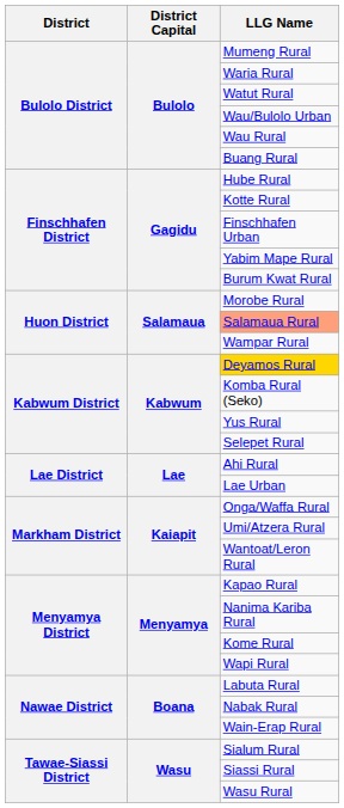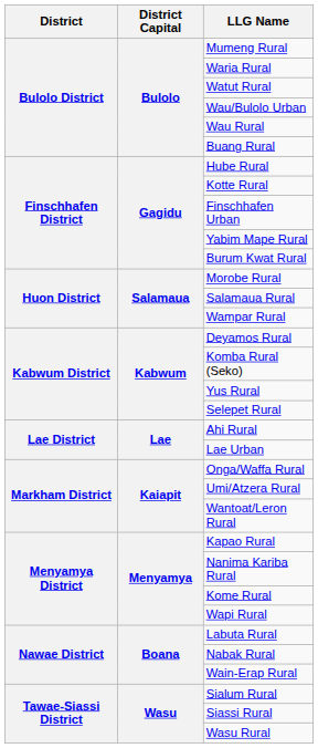 <table class="wikitable" style="text-align: left;" width="400">
 <tr>
 <th>District</th>
 <th>District Capital</th>
 <th>LLG Name</th>
 </tr>
 <tr>
 <th rowspan="6"><a href='#'>Bulolo District</a></th>
 <th rowspan="6"><a href='#'>Bulolo</a></th>
 <td><a href='#'>Mumeng Rural</a></td>
 </tr>
 <tr>
 <td><a href='#'>Waria Rural</a></td>
 </tr>
 <tr>
 <td><a href='#'>Watut Rural</a></td>
 </tr>
 <tr>
 <td><a href='#'>Wau/Bulolo Urban</a></td>
 </tr>
 <tr>
 <td><a href='#'>Wau Rural</a></td>
 </tr>
 <tr>
 <td><a href='#'>Buang Rural</a></td>
 </tr>
 <tr>
 <th rowspan="5"><a href='#'>Finschhafen District</a></th>
 <th rowspan="5"><a href='#'>Gagidu</a></th>
 <td><a href='#'>Hube Rural</a></td>
 </tr>
 <tr>
 <td><a href='#'>Kotte Rural</a></td>
 </tr>
 <tr>
 <td><a href='#'>Finschhafen Urban</a></td>
 </tr>
 <tr>
 <td><a href='#'>Yabim Mape Rural</a></td>
 </tr>
 <tr>
 <td><a href='#'>Burum Kwat Rural</a></td>
 </tr>
 <tr>
 <th rowspan="3"><a href='#'>Huon District</a></th>
 <th rowspan="3"><a href='#'>Salamaua</a></th>
 <td><a href='#'>Morobe Rural</a></td>
 </tr>
 <tr>
-<td style="background: lightsalmon;"><a href='#'>Salamaua Rural</a></td>
+<td><a href='#'>Salamaua Rural</a></td>
 </tr>
 <tr>
 <td><a href='#'>Wampar Rural</a></td>
 </tr>
 <tr>
 <th rowspan="4"><a href='#'>Kabwum District</a></th>
 <th rowspan="4"><a href='#'>Kabwum</a></th>
-<td style="background: gold;"><a href='#'>Deyamos Rural</a></td>
+<td><a href='#'>Deyamos Rural</a></td>
 </tr>
 <tr>
 <td><a href='#'>Komba Rural</a> (Seko)</td>
 </tr>
 <tr>
 <td><a href='#'>Yus Rural</a></td>
 </tr>
 <tr>
 <td><a href='#'>Selepet Rural</a></td>
 </tr>
 <tr>
 <th rowspan="2"><a href='#'>Lae District</a></th>
 <th rowspan="2"><a href='#'>Lae</a></th>
 <td><a href='#'>Ahi Rural</a></td>
 </tr>
 <tr>
 <td><a href='#'>Lae Urban</a></td>
 </tr>
 <tr>
 <th rowspan="3"><a href='#'>Markham District</a></th>
 <th rowspan="3"><a href='#'>Kaiapit</a></th>
 <td><a href='#'>Onga/Waffa Rural</a></td>
 </tr>
 <tr>
 <td><a href='#'>Umi/Atzera Rural</a></td>
 </tr>
 <tr>
 <td><a href='#'>Wantoat/Leron Rural</a></td>
 </tr>
 <tr>
 <th rowspan="4"><a href='#'>Menyamya District</a></th>
 <th rowspan="4"><a href='#'>Menyamya</a></th>
 <td><a href='#'>Kapao Rural</a></td>
 </tr>
 <tr>
 <td><a href='#'>Nanima Kariba Rural</a></td>
 </tr>
 <tr>
 <td><a href='#'>Kome Rural</a></td>
 </tr>
 <tr>
 <td><a href='#'>Wapi Rural</a></td>
 </tr>
 <tr>
 <th rowspan="3"><a href='#'>Nawae District</a></th>
 <th rowspan="3"><a href='#'>Boana</a></th>
 <td><a href='#'>Labuta Rural</a></td>
 </tr>
 <tr>
 <td><a href='#'>Nabak Rural</a></td>
 </tr>
 <tr>
 <td><a href='#'>Wain-Erap Rural</a></td>
 </tr>
 <tr>
 <th rowspan="3"><a href='#'>Tawae-Siassi District</a></th>
 <th rowspan="3"><a href='#'>Wasu</a></th>
 <td><a href='#'>Sialum Rural</a></td>
 </tr>
 <tr>
 <td><a href='#'>Siassi Rural</a></td>
 </tr>
 <tr>
 <td><a href='#'>Wasu Rural</a></td>
 </tr>
 </table>
